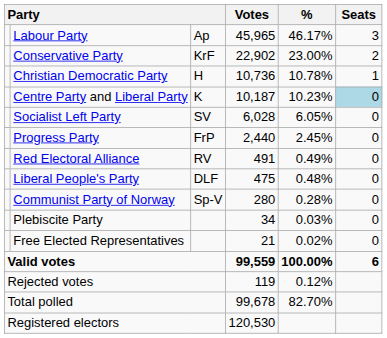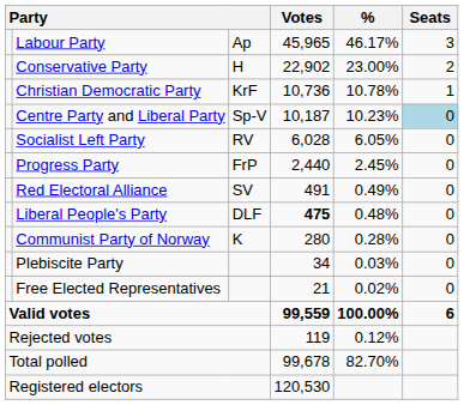 <table class="wikitable" border="1" style="text-align:right;">
 <tr>
 <th style="text-align:left;" colspan=3>Party</th>
 <th align=center width="50">Votes</th>
 <th align=center width="50">%</th>
 <th align=center width="50">Seats</th>
 </tr>
 <tr>
 <td style="color:inherit;background:"></td>
 <td align=left><a href='#'>Labour Party</a></td>
 <td align=left>Ap</td>
 <td>45,965</td>
 <td>46.17%</td>
 <td>3</td>
 </tr>
 <tr>
 <td style="color:inherit;background:"></td>
 <td align=left><a href='#'>Conservative Party</a></td>
-<td align=left>KrF</td>
+<td align=left>H</td>
 <td>22,902</td>
 <td>23.00%</td>
 <td>2</td>
 </tr>
 <tr>
 <td style="color:inherit;background:"></td>
 <td align=left><a href='#'>Christian Democratic Party</a></td>
-<td align=left>H</td>
+<td align=left>KrF</td>
 <td>10,736</td>
 <td>10.78%</td>
 <td>1</td>
 </tr>
 <tr>
 <td></td>
 <td align=left><a href='#'>Centre Party</a> and <a href='#'>Liberal Party</a></td>
-<td align=left>K</td>
+<td align=left>Sp-V</td>
 <td>10,187</td>
 <td>10.23%</td>
 <td style="background: lightblue;">0</td>
 </tr>
 <tr>
 <td style="color:inherit;background:"></td>
 <td align=left><a href='#'>Socialist Left Party</a></td>
-<td align=left>SV</td>
+<td align=left>RV</td>
 <td>6,028</td>
 <td>6.05%</td>
 <td>0</td>
 </tr>
 <tr>
 <td style="color:inherit;background:"></td>
 <td align=left><a href='#'>Progress Party</a></td>
 <td align=left>FrP</td>
 <td>2,440</td>
 <td>2.45%</td>
 <td>0</td>
 </tr>
 <tr>
 <td style="color:inherit;background:"></td>
 <td align=left><a href='#'>Red Electoral Alliance</a></td>
-<td align=left>RV</td>
+<td align=left>SV</td>
 <td>491</td>
 <td>0.49%</td>
 <td>0</td>
 </tr>
 <tr>
 <td style="color:inherit;background:"></td>
 <td align=left><a href='#'>Liberal People's Party</a></td>
 <td align=left>DLF</td>
-<td>475</td>
+<td><strong>475</strong></td>
 <td>0.48%</td>
 <td>0</td>
 </tr>
 <tr>
 <td style="color:inherit;background:"></td>
 <td align=left><a href='#'>Communist Party of Norway</a></td>
-<td align=left>Sp-V</td>
+<td align=left>K</td>
 <td>280</td>
 <td>0.28%</td>
 <td>0</td>
 </tr>
 <tr>
 <td></td>
 <td align=left>Plebiscite Party</td>
 <td align=left></td>
 <td>34</td>
 <td>0.03%</td>
 <td>0</td>
 </tr>
 <tr>
 <td></td>
 <td align=left>Free Elected Representatives</td>
 <td align=left></td>
 <td>21</td>
 <td>0.02%</td>
 <td>0</td>
 </tr>
 <tr style="font-weight:bold">
 <td align=left colspan=3>Valid votes</td>
 <td>99,559</td>
 <td>100.00%</td>
 <td>6</td>
 </tr>
 <tr>
 <td align=left colspan=3>Rejected votes</td>
 <td>119</td>
 <td>0.12%</td>
 <td></td>
 </tr>
 <tr>
 <td align=left colspan=3>Total polled</td>
 <td>99,678</td>
 <td>82.70%</td>
 <td></td>
 </tr>
 <tr>
 <td align=left colspan=3>Registered electors</td>
 <td>120,530</td>
 <td></td>
 <td></td>
 </tr>
 </table>
